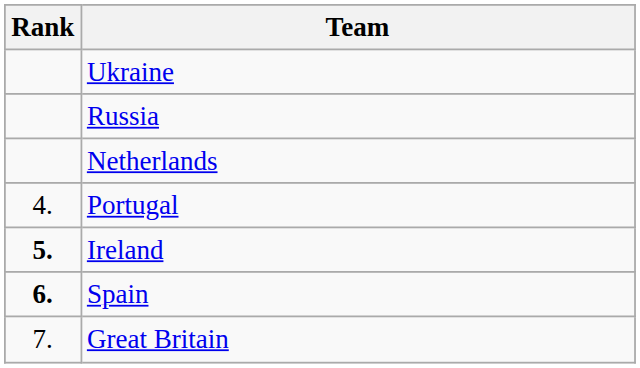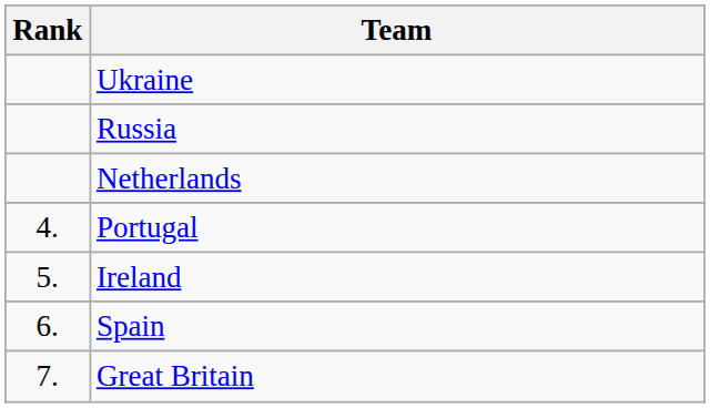 <table class="wikitable" style="font-size:95%;">
 <tr>
 <th>Rank</th>
 <th align="left" style="width: 20em">Team</th>
 </tr>
 <tr>
 <td align="center"></td>
 <td> <a href='#'>Ukraine</a></td>
 </tr>
 <tr>
 <td align="center"></td>
 <td> <a href='#'>Russia</a></td>
 </tr>
 <tr>
 <td align="center"></td>
 <td> <a href='#'>Netherlands</a></td>
 </tr>
 <tr>
 <td rowspan=1 align="center">4.</td>
 <td> <a href='#'>Portugal</a></td>
 </tr>
 <tr>
-<td rowspan=1 align="center"><strong>5.</strong></td>
+<td rowspan=1 align="center">5.</td>
 <td> <a href='#'>Ireland</a></td>
 </tr>
 <tr>
-<td rowspan=1 align="center"><strong>6.</strong></td>
+<td rowspan=1 align="center">6.</td>
 <td> <a href='#'>Spain</a></td>
 </tr>
 <tr>
 <td rowspan=1 align="center">7.</td>
 <td> <a href='#'>Great Britain</a></td>
 </tr>
 </table>
